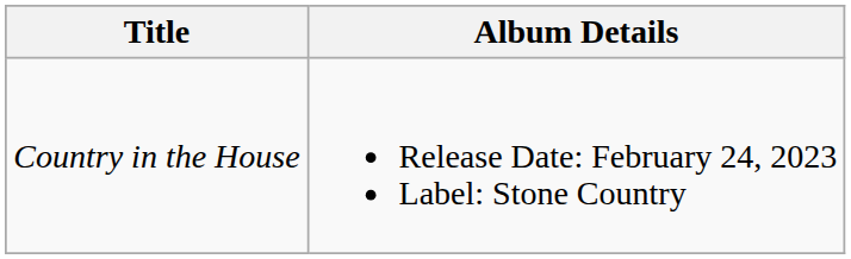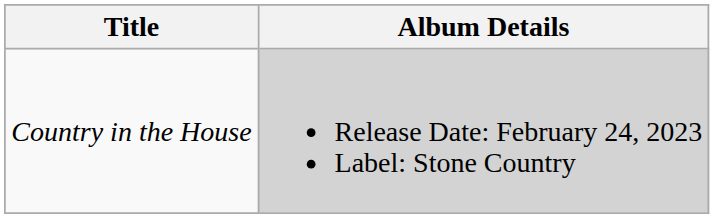 <table class="wikitable">
 <tr>
 <th>Title</th>
 <th>Album Details</th>
 </tr>
 <tr>
 <td><em>Country in the House</em></td>
-<td><br><ul><li>Release Date: February 24, 2023</li><li>Label: Stone Country</li></ul></td>
+<td style="background: lightgrey;"><br><ul><li>Release Date: February 24, 2023</li><li>Label: Stone Country</li></ul></td>
 </tr>
 </table>
